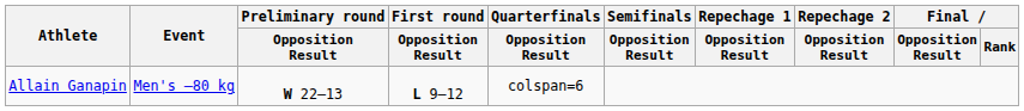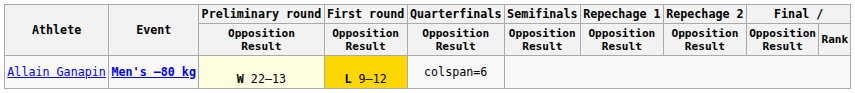 <table class="wikitable" style="font-size:90%;">
 <tr>
 <th rowspan=2>Athlete</th>
 <th rowspan=2>Event</th>
 <th>Preliminary round</th>
 <th>First round</th>
 <th>Quarterfinals</th>
 <th>Semifinals</th>
 <th>Repechage 1</th>
 <th>Repechage 2</th>
 <th colspan=2>Final / </th>
 </tr>
 <tr style="font-size:95%">
 <th>Opposition<br>Result</th>
 <th>Opposition<br>Result</th>
 <th>Opposition<br>Result</th>
 <th>Opposition<br>Result</th>
 <th>Opposition<br>Result</th>
 <th>Opposition<br>Result</th>
 <th>Opposition<br>Result</th>
 <th>Rank</th>
 </tr>
 <tr align=center>
 <td align=left><a href='#'>Allain Ganapin</a></td>
-<td align=left><a href='#'>Men's –80 kg</a></td>
-<td><br><strong>W</strong> 22–13</td>
-<td><br><strong>L</strong> 9–12</td>
+<td align=left><strong><a href='#'>Men's –80 kg</a></strong></td>
+<td style="background: lightyellow;"><br><strong>W</strong> 22–13</td>
+<td style="background: gold;"><br><strong>L</strong> 9–12</td>
 <td>colspan=6 </td>
 </tr>
 </table>
